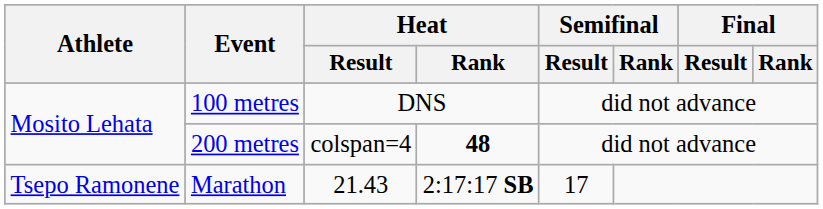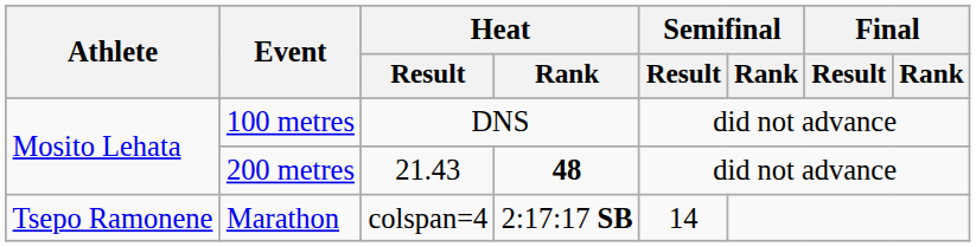 <table class="wikitable" style="font-size:90%">
 <tr>
 <th rowspan="2">Athlete</th>
 <th rowspan="2">Event</th>
 <th colspan="2">Heat</th>
 <th colspan="2">Semifinal</th>
 <th colspan="2">Final</th>
 </tr>
 <tr style="font-size:95%">
 <th>Result</th>
 <th>Rank</th>
 <th>Result</th>
 <th>Rank</th>
 <th>Result</th>
 <th>Rank</th>
 </tr>
 <tr style=text-align:center>
 <td style=text-align:left rowspan=2><a href='#'>Mosito Lehata</a></td>
 <td style=text-align:left><a href='#'>100 metres</a></td>
 <td colspan=2>DNS</td>
 <td colspan=4>did not advance</td>
 </tr>
 <tr style=text-align:center>
 <td style=text-align:left><a href='#'>200 metres</a></td>
-<td>colspan=4 </td>
+<td>21.43</td>
 <td><strong>48</strong></td>
 <td colspan=4>did not advance</td>
 </tr>
 <tr style=text-align:center>
 <td style=text-align:left><a href='#'>Tsepo Ramonene</a></td>
 <td style=text-align:left><a href='#'>Marathon</a></td>
-<td>21.43</td>
+<td>colspan=4 </td>
 <td>2:17:17 <strong>SB</strong></td>
-<td>17</td>
+<td>14</td>
 </tr>
 </table>
